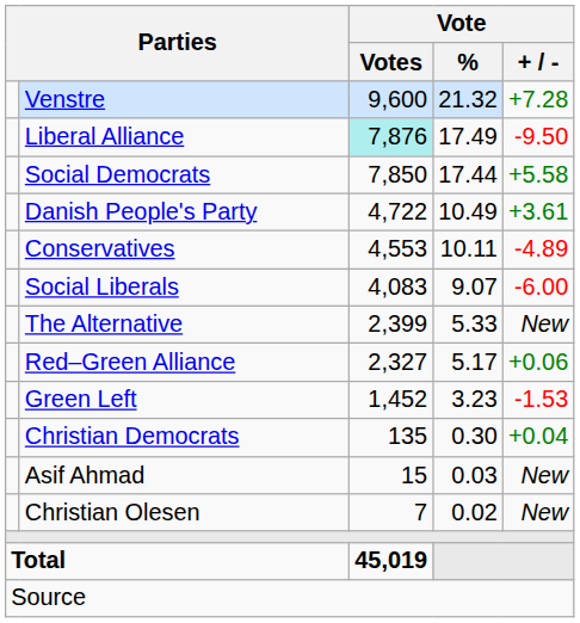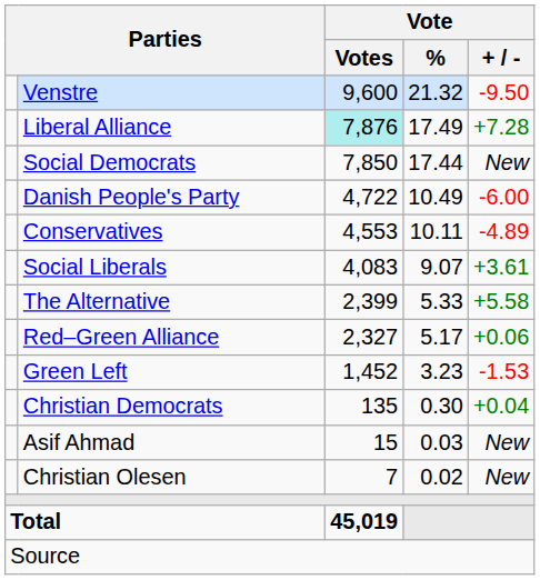 <table class="wikitable" style="text-align:right;">
 <tr>
 <th style="text-align:centre;" rowspan="2" colspan="2" width="225">Parties</th>
 <th colspan="3">Vote</th>
 </tr>
 <tr>
 <th width="15">Votes</th>
 <th width="15">%</th>
 <th width="15">+ / -</th>
 </tr>
 <tr>
 <td width="2" style="color:inherit;background:"></td>
 <td bgcolor=#cfe5fe  align="left"><a href='#'>Venstre</a></td>
 <td bgcolor=#cfe5fe>9,600</td>
 <td bgcolor=#cfe5fe>21.32</td>
-<td style=color:green;>+7.28</td>
+<td style=color:red;>-9.50</td>
 </tr>
 <tr>
 <td width="2" style="color:inherit;background:"></td>
 <td align="left"><a href='#'>Liberal Alliance</a></td>
 <td style="background: paleturquoise;">7,876</td>
 <td>17.49</td>
-<td style=color:red;>-9.50</td>
+<td style=color:green;>+7.28</td>
 </tr>
 <tr>
 <td width="2" style="color:inherit;background:"></td>
 <td align="left"><a href='#'>Social Democrats</a></td>
 <td>7,850</td>
 <td>17.44</td>
-<td style=color:green;>+5.58</td>
+<td><em>New</em></td>
 </tr>
 <tr>
 <td width="2" style="color:inherit;background:"></td>
 <td align="left"><a href='#'>Danish People's Party</a></td>
 <td>4,722</td>
 <td>10.49</td>
-<td style=color:green;>+3.61</td>
+<td style=color:red;>-6.00</td>
 </tr>
 <tr>
 <td width="2" style="color:inherit;background:"></td>
 <td align="left"><a href='#'>Conservatives</a></td>
 <td>4,553</td>
 <td>10.11</td>
 <td style=color:red;>-4.89</td>
 </tr>
 <tr>
 <td width="2" style="color:inherit;background:"></td>
 <td align="left"><a href='#'>Social Liberals</a></td>
 <td>4,083</td>
 <td>9.07</td>
-<td style=color:red;>-6.00</td>
+<td style=color:green;>+3.61</td>
 </tr>
 <tr>
 <td width="2" style="color:inherit;background:"></td>
 <td align="left"><a href='#'>The Alternative</a></td>
 <td>2,399</td>
 <td>5.33</td>
-<td><em>New</em></td>
+<td style=color:green;>+5.58</td>
 </tr>
 <tr>
 <td width="2" style="color:inherit;background:"></td>
 <td align="left"><a href='#'>Red–Green Alliance</a></td>
 <td>2,327</td>
 <td>5.17</td>
 <td style=color:green;>+0.06</td>
 </tr>
 <tr>
 <td width="2" style="color:inherit;background:"></td>
 <td align="left"><a href='#'>Green Left</a></td>
 <td>1,452</td>
 <td>3.23</td>
 <td style=color:red;>-1.53</td>
 </tr>
 <tr>
 <td width="2" style="color:inherit;background:"></td>
 <td align="left"><a href='#'>Christian Democrats</a></td>
 <td>135</td>
 <td>0.30</td>
 <td style=color:green;>+0.04</td>
 </tr>
 <tr>
 <td width="2" style="color:inherit;background:"></td>
 <td align="left">Asif Ahmad</td>
 <td>15</td>
 <td>0.03</td>
 <td><em>New</em></td>
 </tr>
 <tr>
 <td width="2" style="color:inherit;background:"></td>
 <td align="left">Christian Olesen</td>
 <td>7</td>
 <td>0.02</td>
 <td><em>New</em></td>
 </tr>
 <tr>
 <td colspan="7" bgcolor="#E9E9E9"></td>
 </tr>
 <tr>
 <td align="left" colspan="2"><strong>Total</strong></td>
 <td><strong>45,019</strong></td>
 <td bgcolor="#E9E9E9" colspan="2"></td>
 </tr>
 <tr>
 <td align="left" colspan="6">Source</td>
 </tr>
 </table>
